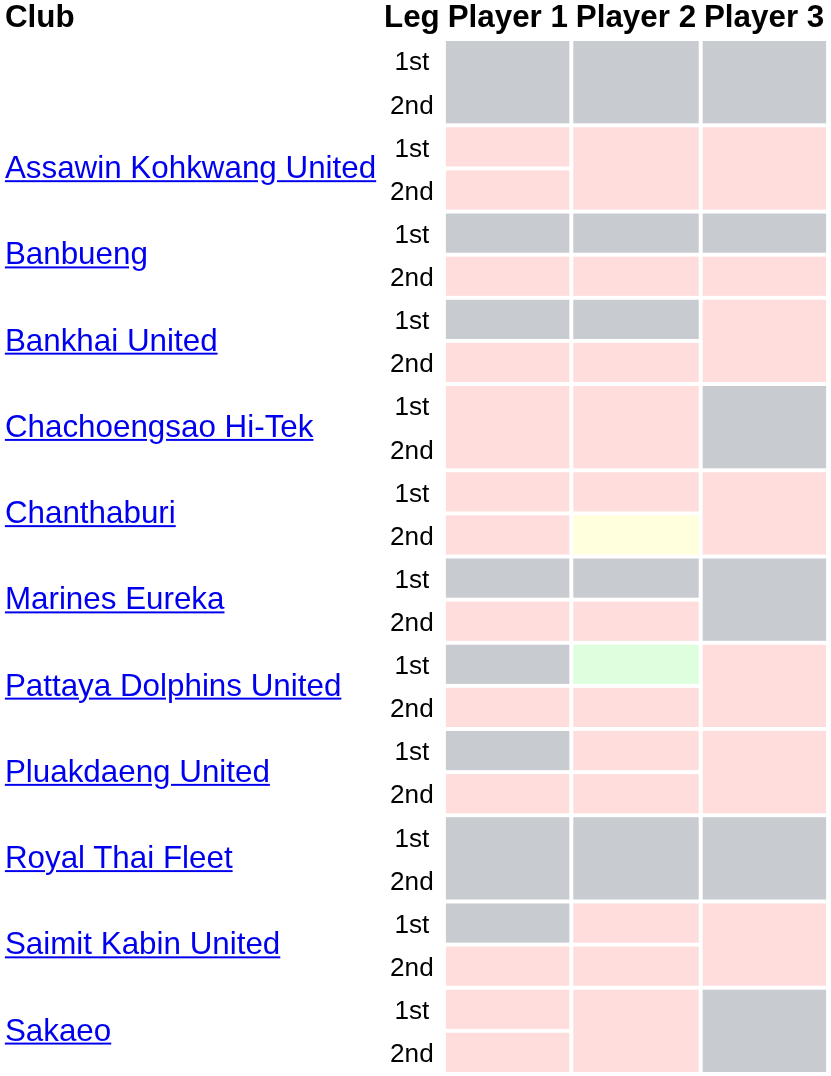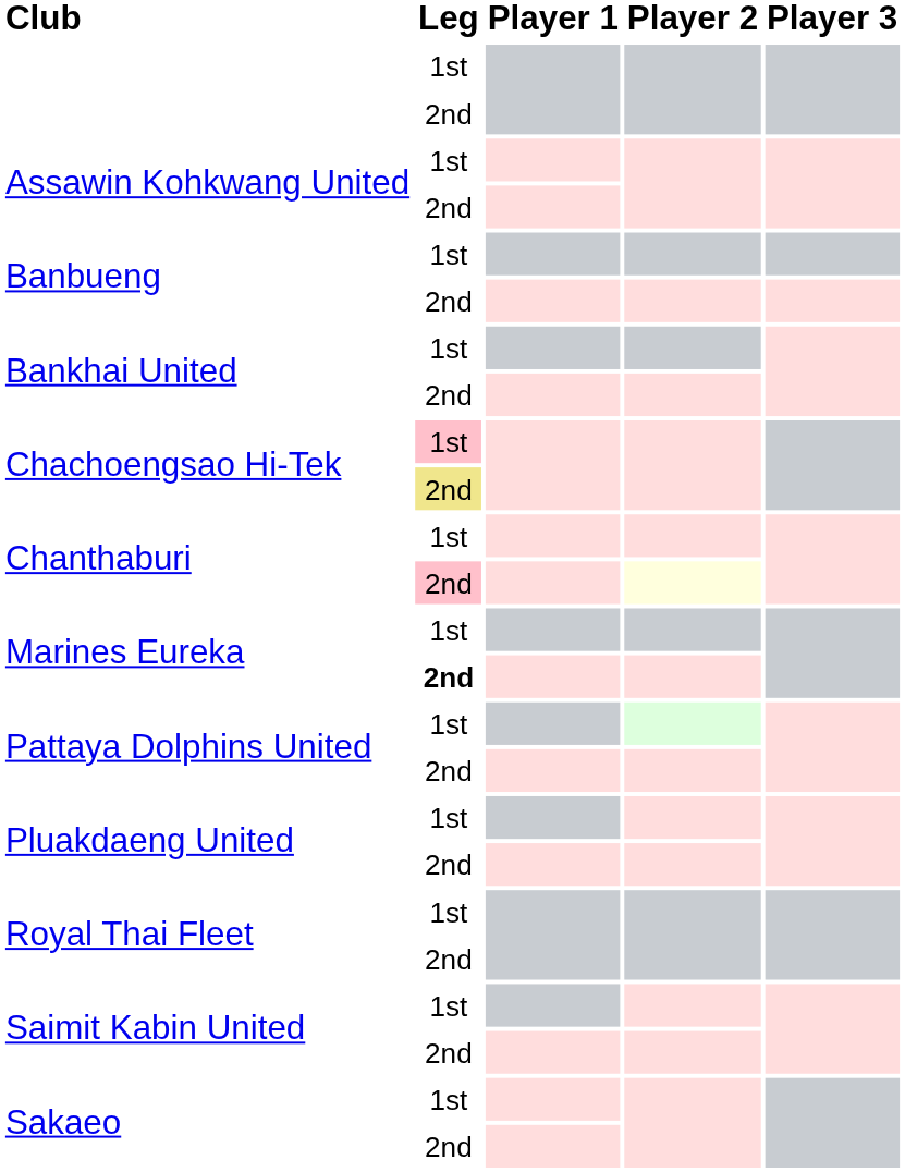 <table class="sortable" style="text-align:left">
 <tr>
 <th>Club</th>
 <th>Leg</th>
 <th>Player 1</th>
 <th>Player 2</th>
 <th>Player 3</th>
 </tr>
 <tr>
 <td rowspan="2"></td>
 <td align="center"><small>1st</small></td>
 <td bgcolor="#c8ccd1"rowspan="2"></td>
 <td bgcolor="#c8ccd1"rowspan="2"></td>
 <td bgcolor="#c8ccd1"rowspan="2"></td>
 </tr>
 <tr>
 <td align="center"><small>2nd</small></td>
 </tr>
 <tr>
 <td rowspan="2"><a href='#'>Assawin Kohkwang United</a></td>
 <td align="center"><small>1st</small></td>
 <td bgcolor="#ffdddd"></td>
 <td bgcolor="#ffdddd"rowspan="2"></td>
 <td bgcolor="#ffdddd"rowspan="2"></td>
 </tr>
 <tr>
 <td align="center"><small>2nd</small></td>
 <td bgcolor="#ffdddd"></td>
 </tr>
 <tr>
 <td rowspan="2"><a href='#'>Banbueng</a></td>
 <td align="center"><small>1st</small></td>
 <td bgcolor="#c8ccd1"></td>
 <td bgcolor="#c8ccd1"></td>
 <td bgcolor="#c8ccd1"></td>
 </tr>
 <tr>
 <td align="center"><small>2nd</small></td>
 <td bgcolor="#ffdddd"></td>
 <td bgcolor="#ffdddd"></td>
 <td bgcolor="#ffdddd"></td>
 </tr>
 <tr>
 <td rowspan="2"><a href='#'>Bankhai United</a></td>
 <td align="center"><small>1st</small></td>
 <td bgcolor="#c8ccd1"></td>
 <td bgcolor="#c8ccd1"></td>
 <td bgcolor="#ffdddd"rowspan="2"></td>
 </tr>
 <tr>
 <td align="center"><small>2nd</small></td>
 <td bgcolor="#ffdddd"></td>
 <td bgcolor="#ffdddd"></td>
 </tr>
 <tr>
 <td rowspan="2"><a href='#'>Chachoengsao Hi-Tek</a></td>
-<td align="center"><small>1st</small></td>
+<td align="center" style="background: pink;"><small>1st</small></td>
 <td bgcolor="#ffdddd"rowspan="2"></td>
 <td bgcolor="#ffdddd"rowspan="2"></td>
 <td bgcolor="#c8ccd1"rowspan="2"></td>
 </tr>
 <tr>
-<td align="center"><small>2nd</small></td>
+<td align="center" style="background: khaki;"><small>2nd</small></td>
 </tr>
 <tr>
 <td rowspan="2"><a href='#'>Chanthaburi</a></td>
 <td align="center"><small>1st</small></td>
 <td bgcolor="#ffdddd"></td>
 <td bgcolor="#ffdddd"></td>
 <td bgcolor="#ffdddd"rowspan="2"></td>
 </tr>
 <tr>
-<td align="center"><small>2nd</small></td>
+<td align="center" style="background: pink;"><small>2nd</small></td>
 <td bgcolor="#ffdddd"></td>
 <td bgcolor="#ffffdd"></td>
 </tr>
 <tr>
 <td rowspan="2"><a href='#'>Marines Eureka</a></td>
 <td align="center"><small>1st</small></td>
 <td bgcolor="#c8ccd1"></td>
 <td bgcolor="#c8ccd1"></td>
 <td bgcolor="#c8ccd1"rowspan="2"></td>
 </tr>
 <tr>
-<td align="center"><small>2nd</small></td>
+<td align="center"><strong><small>2nd</small></strong></td>
 <td bgcolor="#ffdddd"></td>
 <td bgcolor="#ffdddd"></td>
 </tr>
 <tr>
 <td rowspan="2"><a href='#'>Pattaya Dolphins United</a></td>
 <td align="center"><small>1st</small></td>
 <td bgcolor="#c8ccd1"></td>
 <td bgcolor="#ddffdd"></td>
 <td bgcolor="#ffdddd"rowspan="2"></td>
 </tr>
 <tr>
 <td align="center"><small>2nd</small></td>
 <td bgcolor="#ffdddd"></td>
 <td bgcolor="#ffdddd"></td>
 </tr>
 <tr>
 <td rowspan="2"><a href='#'>Pluakdaeng United</a></td>
 <td align="center"><small>1st</small></td>
 <td bgcolor="#c8ccd1"></td>
 <td bgcolor="#ffdddd"></td>
 <td bgcolor="#ffdddd"rowspan="2"></td>
 </tr>
 <tr>
 <td align="center"><small>2nd</small></td>
 <td bgcolor="#ffdddd"></td>
 <td bgcolor="#ffdddd"></td>
 </tr>
 <tr>
 <td rowspan="2"><a href='#'>Royal Thai Fleet</a></td>
 <td align="center"><small>1st</small></td>
 <td bgcolor="#c8ccd1"rowspan="2"></td>
 <td bgcolor="#c8ccd1"rowspan="2"></td>
 <td bgcolor="#c8ccd1"rowspan="2"></td>
 </tr>
 <tr>
 <td align="center"><small>2nd</small></td>
 </tr>
 <tr>
 <td rowspan="2"><a href='#'>Saimit Kabin United</a></td>
 <td align="center"><small>1st</small></td>
 <td bgcolor="#c8ccd1"></td>
 <td bgcolor="#ffdddd"></td>
 <td bgcolor="#ffdddd"rowspan="2"></td>
 </tr>
 <tr>
 <td align="center"><small>2nd</small></td>
 <td bgcolor="#ffdddd"></td>
 <td bgcolor="#ffdddd"></td>
 </tr>
 <tr>
 <td rowspan="2"><a href='#'>Sakaeo</a></td>
 <td align="center"><small>1st</small></td>
 <td bgcolor="#ffdddd"></td>
 <td bgcolor="#ffdddd"rowspan="2"></td>
 <td bgcolor="#c8ccd1"rowspan="2"></td>
 </tr>
 <tr>
 <td align="center"><small>2nd</small></td>
 <td bgcolor="#ffdddd"></td>
 </tr>
 </table>
